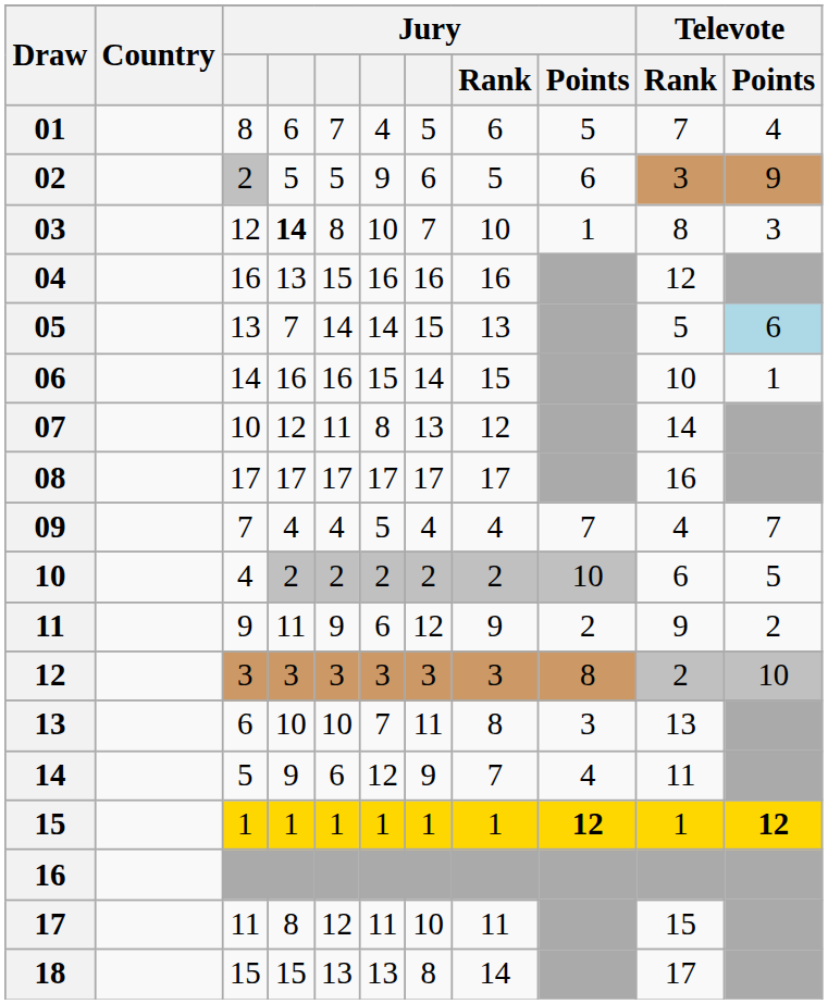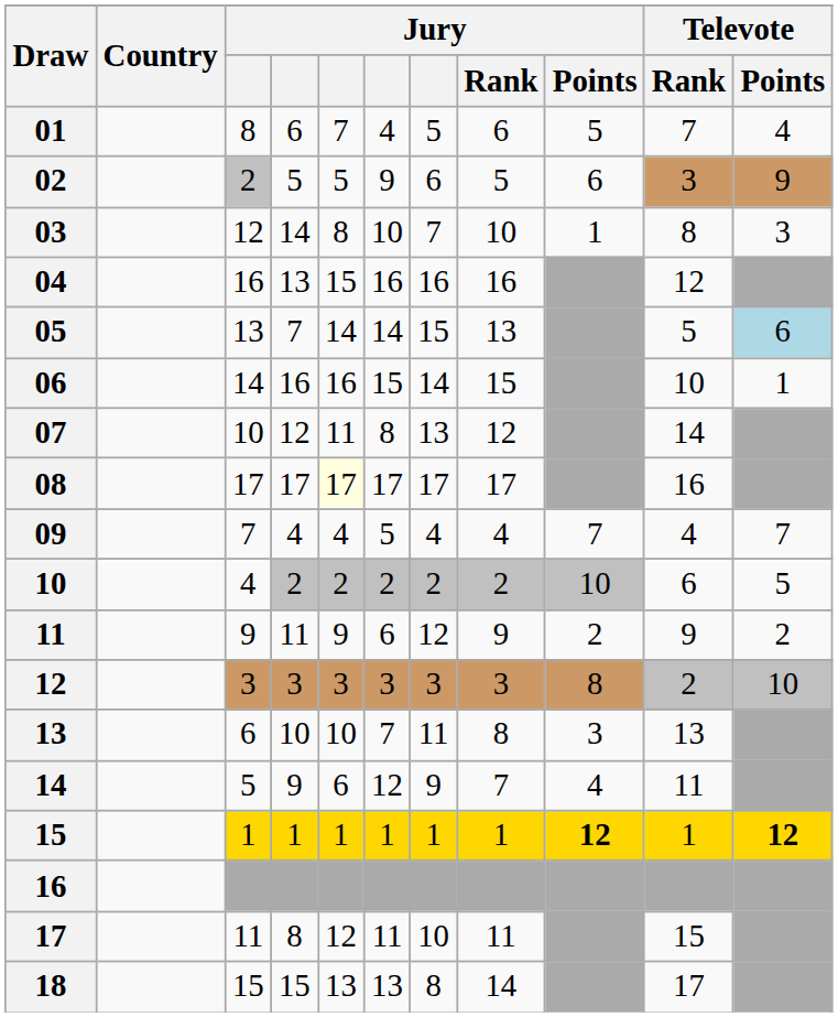 <table class="sortable wikitable collapsible plainrowheaders" style="text-align:center;">
 <tr>
 </tr>
 <tr>
 <th scope="col" rowspan="2">Draw</th>
 <th scope="col" rowspan="2">Country</th>
 <th scope="col" colspan="7">Jury</th>
 <th scope="col" colspan="2">Televote</th>
 </tr>
 <tr>
 <th scope="col"><small></small></th>
 <th scope="col"><small></small></th>
 <th scope="col"><small></small></th>
 <th scope="col"><small></small></th>
 <th scope="col"><small></small></th>
 <th scope="col">Rank</th>
 <th scope="col">Points</th>
 <th scope="col">Rank</th>
 <th scope="col">Points</th>
 </tr>
 <tr>
 <th scope="row" style="text-align:center;">01</th>
 <td style="text-align:left;"></td>
 <td>8</td>
 <td>6</td>
 <td>7</td>
 <td>4</td>
 <td>5</td>
 <td>6</td>
 <td>5</td>
 <td>7</td>
 <td>4</td>
 </tr>
 <tr>
 <th scope="row" style="text-align:center;">02</th>
 <td style="text-align:left;"></td>
 <td style="background:silver;">2</td>
 <td>5</td>
 <td>5</td>
 <td>9</td>
 <td>6</td>
 <td>5</td>
 <td>6</td>
 <td style="background:#CC9966;">3</td>
 <td style="background:#CC9966;">9</td>
 </tr>
 <tr>
 <th scope="row" style="text-align:center;">03</th>
 <td style="text-align:left;"></td>
 <td>12</td>
-<td><strong>14</strong></td>
+<td>14</td>
 <td>8</td>
 <td>10</td>
 <td>7</td>
 <td>10</td>
 <td>1</td>
 <td>8</td>
 <td>3</td>
 </tr>
 <tr>
 <th scope="row" style="text-align:center;">04</th>
 <td style="text-align:left;"></td>
 <td>16</td>
 <td>13</td>
 <td>15</td>
 <td>16</td>
 <td>16</td>
 <td>16</td>
 <td style="background:#AAAAAA;"></td>
 <td>12</td>
 <td style="background:#AAAAAA;"></td>
 </tr>
 <tr>
 <th scope="row" style="text-align:center;">05</th>
 <td style="text-align:left;"></td>
 <td>13</td>
 <td>7</td>
 <td>14</td>
 <td>14</td>
 <td>15</td>
 <td>13</td>
 <td style="background:#AAAAAA;"></td>
 <td>5</td>
 <td style="background: lightblue;">6</td>
 </tr>
 <tr>
 <th scope="row" style="text-align:center;">06</th>
 <td style="text-align:left;"></td>
 <td>14</td>
 <td>16</td>
 <td>16</td>
 <td>15</td>
 <td>14</td>
 <td>15</td>
 <td style="background:#AAAAAA;"></td>
 <td>10</td>
 <td>1</td>
 </tr>
 <tr>
 <th scope="row" style="text-align:center;">07</th>
 <td style="text-align:left;"></td>
 <td>10</td>
 <td>12</td>
 <td>11</td>
 <td>8</td>
 <td>13</td>
 <td>12</td>
 <td style="background:#AAAAAA;"></td>
 <td>14</td>
 <td style="background:#AAAAAA;"></td>
 </tr>
 <tr>
 <th scope="row" style="text-align:center;">08</th>
 <td style="text-align:left;"></td>
 <td>17</td>
 <td>17</td>
-<td>17</td>
+<td style="background: lightyellow;">17</td>
 <td>17</td>
 <td>17</td>
 <td>17</td>
 <td style="background:#AAAAAA;"></td>
 <td>16</td>
 <td style="background:#AAAAAA;"></td>
 </tr>
 <tr>
 <th scope="row" style="text-align:center;">09</th>
 <td style="text-align:left;"></td>
 <td>7</td>
 <td>4</td>
 <td>4</td>
 <td>5</td>
 <td>4</td>
 <td>4</td>
 <td>7</td>
 <td>4</td>
 <td>7</td>
 </tr>
 <tr>
 <th scope="row" style="text-align:center;">10</th>
 <td style="text-align:left;"></td>
 <td>4</td>
 <td style="background:silver;">2</td>
 <td style="background:silver;">2</td>
 <td style="background:silver;">2</td>
 <td style="background:silver;">2</td>
 <td style="background:silver;">2</td>
 <td style="background:silver;">10</td>
 <td>6</td>
 <td>5</td>
 </tr>
 <tr>
 <th scope="row" style="text-align:center;">11</th>
 <td style="text-align:left;"></td>
 <td>9</td>
 <td>11</td>
 <td>9</td>
 <td>6</td>
 <td>12</td>
 <td>9</td>
 <td>2</td>
 <td>9</td>
 <td>2</td>
 </tr>
 <tr>
 <th scope="row" style="text-align:center;">12</th>
 <td style="text-align:left;"></td>
 <td style="background:#CC9966;">3</td>
 <td style="background:#CC9966;">3</td>
 <td style="background:#CC9966;">3</td>
 <td style="background:#CC9966;">3</td>
 <td style="background:#CC9966;">3</td>
 <td style="background:#CC9966;">3</td>
 <td style="background:#CC9966;">8</td>
 <td style="background:silver;">2</td>
 <td style="background:silver;">10</td>
 </tr>
 <tr>
 <th scope="row" style="text-align:center;">13</th>
 <td style="text-align:left;"></td>
 <td>6</td>
 <td>10</td>
 <td>10</td>
 <td>7</td>
 <td>11</td>
 <td>8</td>
 <td>3</td>
 <td>13</td>
 <td style="background:#AAAAAA;"></td>
 </tr>
 <tr>
 <th scope="row" style="text-align:center;">14</th>
 <td style="text-align:left;"></td>
 <td>5</td>
 <td>9</td>
 <td>6</td>
 <td>12</td>
 <td>9</td>
 <td>7</td>
 <td>4</td>
 <td>11</td>
 <td style="background:#AAAAAA;"></td>
 </tr>
 <tr>
 <th scope="row" style="text-align:center;">15</th>
 <td style="text-align:left;"></td>
 <td style="background:gold;">1</td>
 <td style="background:gold;">1</td>
 <td style="background:gold;">1</td>
 <td style="background:gold;">1</td>
 <td style="background:gold;">1</td>
 <td style="background:gold;">1</td>
 <td style="background:gold;"><strong>12</strong></td>
 <td style="background:gold;">1</td>
 <td style="background:gold;"><strong>12</strong></td>
 </tr>
 <tr class="sortbottom">
 <th scope="row" style="text-align:center;">16</th>
 <td style="text-align:left;"></td>
 <td style="background:#AAAAAA;"></td>
 <td style="background:#AAAAAA;"></td>
 <td style="background:#AAAAAA;"></td>
 <td style="background:#AAAAAA;"></td>
 <td style="background:#AAAAAA;"></td>
 <td style="background:#AAAAAA;"></td>
 <td style="background:#AAAAAA;"></td>
 <td style="background:#AAAAAA;"></td>
 <td style="background:#AAAAAA;"></td>
 </tr>
 <tr>
 <th scope="row" style="text-align:center;">17</th>
 <td style="text-align:left;"></td>
 <td>11</td>
 <td>8</td>
 <td>12</td>
 <td>11</td>
 <td>10</td>
 <td>11</td>
 <td style="background:#AAAAAA;"></td>
 <td>15</td>
 <td style="background:#AAAAAA;"></td>
 </tr>
 <tr>
 <th scope="row" style="text-align:center;">18</th>
 <td style="text-align:left;"></td>
 <td>15</td>
 <td>15</td>
 <td>13</td>
 <td>13</td>
 <td>8</td>
 <td>14</td>
 <td style="background:#AAAAAA;"></td>
 <td>17</td>
 <td style="background:#AAAAAA;"></td>
 </tr>
 </table>
